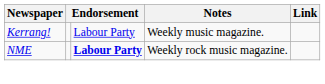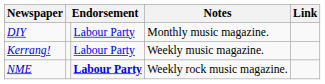 <table class="wikitable">
 <tr>
 <th>Newspaper</th>
 <th colspan=2>Endorsement</th>
 <th>Notes</th>
 <th>Link</th>
+</tr>
+<tr>
+<td><em><a href='#'>DIY</a></em></td>
+<td style="background-color: "></td>
+<td><a href='#'>Labour Party</a></td>
+<td>Monthly music magazine.</td>
+<td></td>
 </tr>
 <tr>
 <td><em><a href='#'>Kerrang!</a></em></td>
 <td style="background-color: "></td>
 <td><a href='#'>Labour Party</a></td>
 <td>Weekly music magazine.</td>
 <td></td>
 </tr>
 <tr>
 <td><em><a href='#'>NME</a></em></td>
 <td style="background-color: "></td>
 <td><strong><a href='#'>Labour Party</a></strong></td>
 <td>Weekly rock music magazine.</td>
 <td></td>
 </tr>
 </table>
